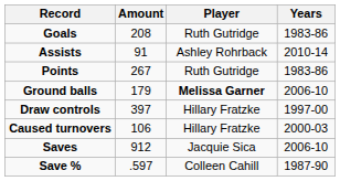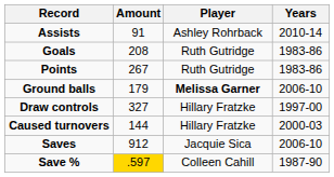 <table class="wikitable">
 <tr>
 <th style="width:140px; ">Record</th>
 <th style="width:35px; ">Amount</th>
 <th style="width:140px; ">Player</th>
 <th style="width:70px; ">Years</th>
 </tr>
 <tr style="text-align:center;">
+<td><strong>Assists</strong></td>
+<td>91</td>
+<td>Ashley Rohrback</td>
+<td>2010-14</td>
+</tr>
+<tr style="text-align:center;">
 <td><strong>Goals</strong></td>
 <td>208</td>
 <td>Ruth Gutridge</td>
 <td>1983-86</td>
-</tr>
-<tr style="text-align:center;">
-<td><strong>Assists</strong></td>
-<td>91</td>
-<td>Ashley Rohrback</td>
-<td>2010-14</td>
 </tr>
 <tr style="text-align:center;">
 <td><strong>Points</strong></td>
 <td>267</td>
 <td>Ruth Gutridge</td>
 <td>1983-86</td>
 </tr>
 <tr style="text-align:center;">
 <td><strong>Ground balls</strong></td>
 <td>179</td>
 <td><strong>Melissa Garner</strong></td>
 <td>2006-10</td>
 </tr>
 <tr style="text-align:center;">
 <td><strong>Draw controls</strong></td>
-<td>397</td>
+<td>327</td>
 <td>Hillary Fratzke</td>
 <td>1997-00</td>
 </tr>
 <tr style="text-align:center;">
 <td><strong>Caused turnovers</strong></td>
-<td>106</td>
+<td>144</td>
 <td>Hillary Fratzke</td>
 <td>2000-03</td>
 </tr>
 <tr style="text-align:center;">
 <td><strong>Saves</strong></td>
 <td>912</td>
 <td>Jacquie Sica</td>
 <td>2006-10</td>
 </tr>
 <tr style="text-align:center;">
 <td><strong>Save %</strong></td>
-<td>.597</td>
+<td style="background: gold;">.597</td>
 <td>Colleen Cahill</td>
 <td>1987-90</td>
 </tr>
 </table>
